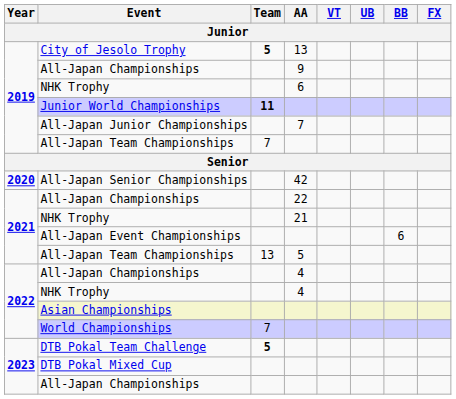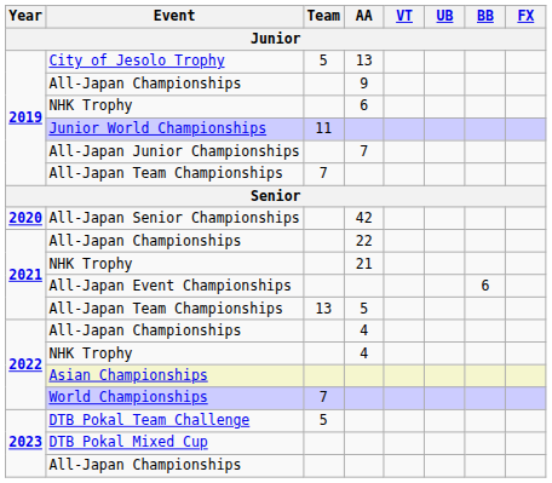 <table class="wikitable" style="text-align:center; font-size:95%;">
 <tr>
 <th align=center>Year</th>
 <th align=center>Event</th>
 <th style="width:30px;">Team</th>
 <th style="width:30px;">AA</th>
 <th style="width:30px;"><a href='#'>VT</a></th>
 <th style="width:30px;"><a href='#'>UB</a></th>
 <th style="width:30px;"><a href='#'>BB</a></th>
 <th style="width:30px;"><a href='#'>FX</a></th>
 </tr>
 <tr>
 <th colspan="8">Junior</th>
 </tr>
 <tr>
 <td rowspan="6"><strong><a href='#'>2019</a></strong></td>
 <td align=left><a href='#'>City of Jesolo Trophy</a></td>
-<td><strong>5</strong></td>
+<td>5</td>
 <td>13</td>
 <td></td>
 <td></td>
 <td></td>
 <td></td>
 </tr>
 <tr>
 <td align=left>All-Japan Championships</td>
 <td></td>
 <td>9</td>
 <td></td>
 <td></td>
 <td></td>
 <td></td>
 </tr>
 <tr>
 <td align=left>NHK Trophy</td>
 <td></td>
 <td>6</td>
 <td></td>
 <td></td>
 <td></td>
 <td></td>
 </tr>
 <tr bgcolor=#CCCCFF>
 <td align=left><a href='#'>Junior World Championships</a></td>
-<td><strong>11</strong></td>
+<td>11</td>
 <td></td>
 <td></td>
 <td></td>
 <td></td>
 <td></td>
 </tr>
 <tr>
 <td align=left>All-Japan Junior Championships</td>
 <td></td>
 <td>7</td>
 <td></td>
 <td></td>
 <td></td>
 <td></td>
 </tr>
 <tr>
 <td align=left>All-Japan Team Championships</td>
 <td>7</td>
 <td></td>
 <td></td>
 <td></td>
 <td></td>
 <td></td>
 </tr>
 <tr>
 <th colspan="8">Senior</th>
 </tr>
 <tr>
 <td rowspan="1"><strong><a href='#'>2020</a></strong></td>
 <td align=left>All-Japan Senior Championships</td>
 <td></td>
 <td>42</td>
 <td></td>
 <td></td>
 <td></td>
 <td></td>
 </tr>
 <tr>
 <td rowspan="4"><strong><a href='#'>2021</a></strong></td>
 <td align=left>All-Japan Championships</td>
 <td></td>
 <td>22</td>
 <td></td>
 <td></td>
 <td></td>
 <td></td>
 </tr>
 <tr>
 <td align=left>NHK Trophy</td>
 <td></td>
 <td>21</td>
 <td></td>
 <td></td>
 <td></td>
 <td></td>
 </tr>
 <tr>
 <td align=left>All-Japan Event Championships</td>
 <td></td>
 <td></td>
 <td></td>
 <td></td>
 <td>6</td>
 <td></td>
 </tr>
 <tr>
 <td align=left>All-Japan Team Championships</td>
 <td>13</td>
 <td>5</td>
 <td></td>
 <td></td>
 <td></td>
 <td></td>
 </tr>
 <tr>
 <td rowspan="4"><strong><a href='#'>2022</a></strong></td>
 <td align=left>All-Japan Championships</td>
 <td></td>
 <td>4</td>
 <td></td>
 <td></td>
 <td></td>
 <td></td>
 </tr>
 <tr>
 <td align=left>NHK Trophy</td>
 <td></td>
 <td>4</td>
 <td></td>
 <td></td>
 <td></td>
 <td></td>
 </tr>
 <tr bgcolor=#F5F6CE>
 <td align=left><a href='#'>Asian Championships</a></td>
 <td></td>
 <td></td>
 <td></td>
 <td></td>
 <td></td>
 <td></td>
 </tr>
 <tr bgcolor=#CCCCFF>
 <td align=left><a href='#'>World Championships</a></td>
 <td>7</td>
 <td></td>
 <td></td>
 <td></td>
 <td></td>
 <td></td>
 </tr>
 <tr>
 <td rowspan="3"><strong><a href='#'>2023</a></strong></td>
 <td align=left><a href='#'>DTB Pokal Team Challenge</a></td>
-<td><strong>5</strong></td>
+<td>5</td>
 <td></td>
 <td></td>
 <td></td>
 <td></td>
 <td></td>
 </tr>
 <tr>
 <td align=left><a href='#'>DTB Pokal Mixed Cup</a></td>
 <td></td>
 <td></td>
 <td></td>
 <td></td>
 <td></td>
 <td></td>
 </tr>
 <tr>
 <td align=left>All-Japan Championships</td>
 <td></td>
 <td></td>
 <td></td>
 <td></td>
 <td></td>
 <td></td>
 </tr>
 </table>
